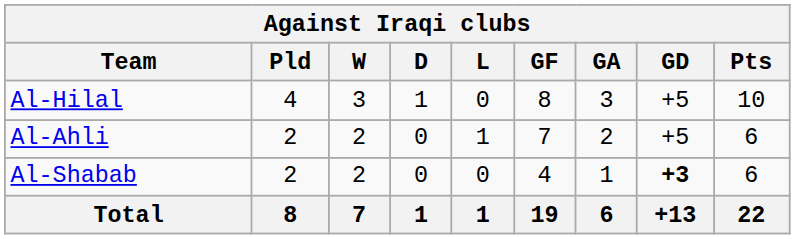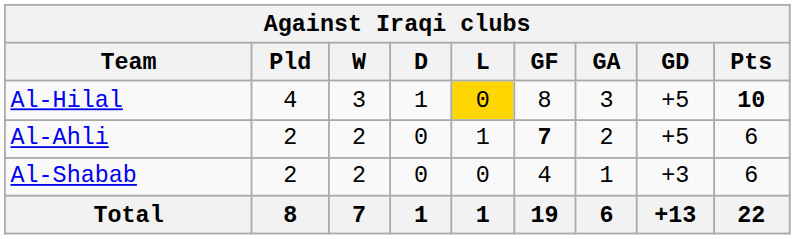 <table class="wikitable" style="width:70%; text-align:center;">
 <tr>
 <th colspan=9>Against Iraqi clubs</th>
 </tr>
 <tr>
 <th style="width:20%;">Team</th>
 <th width=5%>Pld</th>
 <th width=5%>W</th>
 <th width=5%>D</th>
 <th width=5%>L</th>
 <th width=5%>GF</th>
 <th width=5%>GA</th>
 <th width=5%>GD</th>
 <th width=5%>Pts</th>
 </tr>
 <tr>
 <td align=left> <a href='#'>Al-Hilal</a></td>
 <td>4</td>
 <td>3</td>
 <td>1</td>
-<td>0</td>
+<td style="background: gold;">0</td>
 <td>8</td>
 <td>3</td>
 <td>+5</td>
-<td>10</td>
+<td><strong>10</strong></td>
 </tr>
 <tr>
 <td align=left> <a href='#'>Al-Ahli</a></td>
 <td>2</td>
 <td>2</td>
 <td>0</td>
 <td>1</td>
-<td>7</td>
+<td><strong>7</strong></td>
 <td>2</td>
 <td>+5</td>
 <td>6</td>
 </tr>
 <tr>
 <td align=left> <a href='#'>Al-Shabab</a></td>
 <td>2</td>
 <td>2</td>
 <td>0</td>
 <td>0</td>
 <td>4</td>
 <td>1</td>
-<td><strong>+3</strong></td>
+<td>+3</td>
 <td>6</td>
 </tr>
 <tr>
 <th>Total</th>
 <th>8</th>
 <th>7</th>
 <th>1</th>
 <th>1</th>
 <th>19</th>
 <th>6</th>
 <th>+13</th>
 <th>22</th>
 </tr>
 </table>
